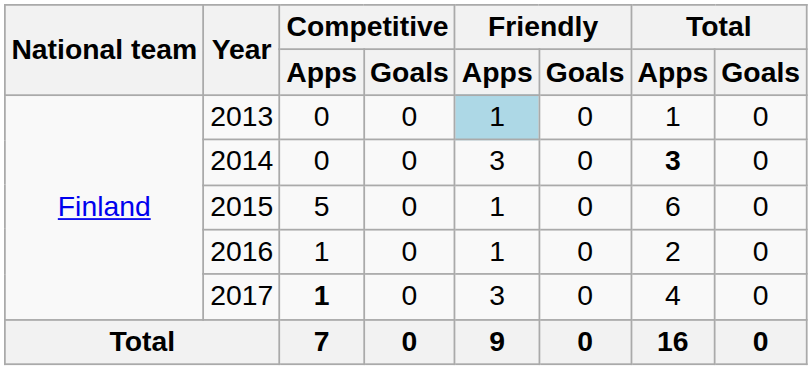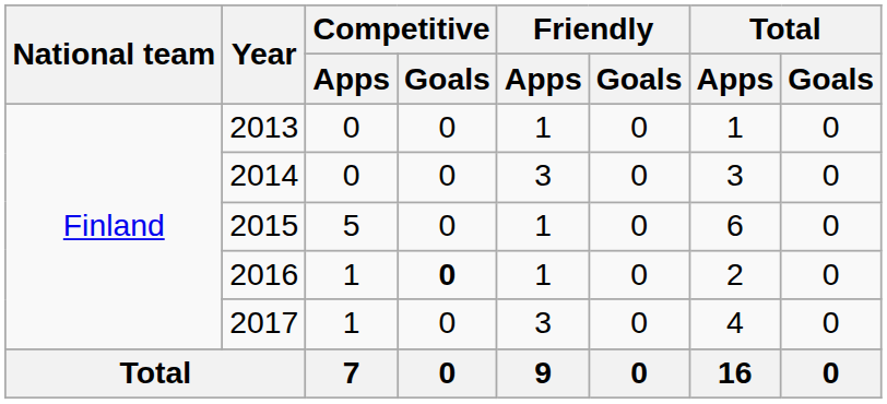 <table class="wikitable" style="text-align:center">
 <tr>
 <th rowspan="2">National team</th>
 <th rowspan="2">Year</th>
 <th colspan="2">Competitive</th>
 <th colspan="2">Friendly</th>
 <th colspan="2">Total</th>
 </tr>
 <tr>
 <th>Apps</th>
 <th>Goals</th>
 <th>Apps</th>
 <th>Goals</th>
 <th>Apps</th>
 <th>Goals</th>
 </tr>
 <tr>
 <td rowspan=5><a href='#'>Finland</a></td>
 <td>2013</td>
 <td>0</td>
 <td>0</td>
-<td style="background: lightblue;">1</td>
+<td>1</td>
 <td>0</td>
 <td>1</td>
 <td>0</td>
 </tr>
 <tr>
 <td>2014</td>
 <td>0</td>
 <td>0</td>
 <td>3</td>
 <td>0</td>
-<td><strong>3</strong></td>
+<td>3</td>
 <td>0</td>
 </tr>
 <tr>
 <td>2015</td>
 <td>5</td>
 <td>0</td>
 <td>1</td>
 <td>0</td>
 <td>6</td>
 <td>0</td>
 </tr>
 <tr>
 <td>2016</td>
 <td>1</td>
-<td>0</td>
+<td><strong>0</strong></td>
 <td>1</td>
 <td>0</td>
 <td>2</td>
 <td>0</td>
 </tr>
 <tr>
 <td>2017</td>
-<td><strong>1</strong></td>
+<td>1</td>
 <td>0</td>
 <td>3</td>
 <td>0</td>
 <td>4</td>
 <td>0</td>
 </tr>
 <tr>
 <th colspan=2>Total</th>
 <th>7</th>
 <th>0</th>
 <th>9</th>
 <th>0</th>
 <th>16</th>
 <th>0</th>
 </tr>
 </table>
